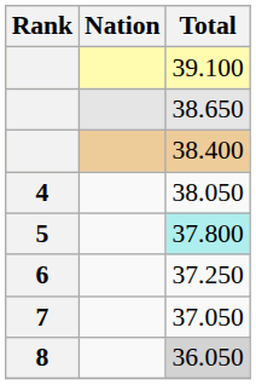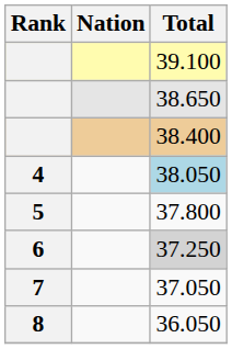 <table class="wikitable sortable">
 <tr>
 <th>Rank</th>
 <th>Nation</th>
 <th>Total</th>
 </tr>
 <tr bgcolor=fffcaf>
 <th></th>
 <td></td>
 <td>39.100</td>
 </tr>
 <tr bgcolor=e5e5e5>
 <th></th>
 <td></td>
 <td>38.650</td>
 </tr>
 <tr bgcolor=eecc99>
 <th></th>
 <td></td>
 <td>38.400</td>
 </tr>
 <tr>
 <th>4</th>
 <td></td>
-<td>38.050</td>
+<td style="background: lightblue;">38.050</td>
 </tr>
 <tr>
 <th>5</th>
 <td></td>
-<td style="background: paleturquoise;">37.800</td>
+<td>37.800</td>
 </tr>
 <tr>
 <th>6</th>
 <td></td>
-<td>37.250</td>
+<td style="background: lightgrey;">37.250</td>
 </tr>
 <tr>
 <th>7</th>
 <td></td>
 <td>37.050</td>
 </tr>
 <tr>
 <th>8</th>
 <td></td>
-<td style="background: lightgrey;">36.050</td>
+<td>36.050</td>
 </tr>
 <tr>
 </tr>
 </table>
